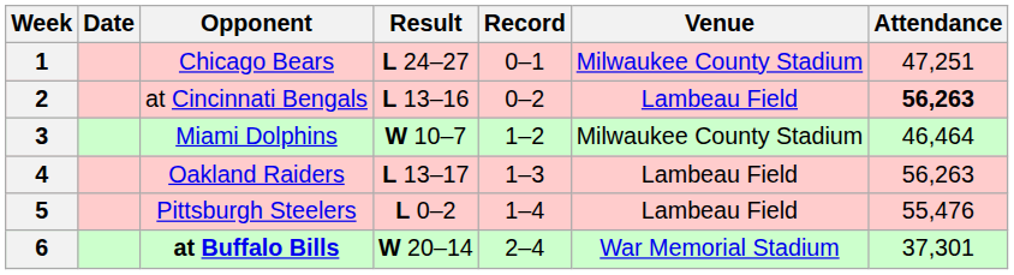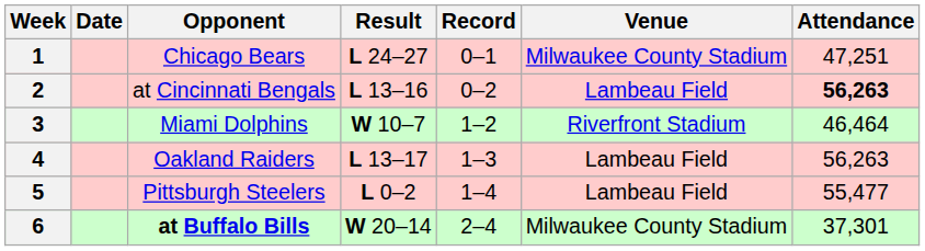 <table class="wikitable" style="text-align:center">
 <tr>
 <th>Week</th>
 <th>Date</th>
 <th>Opponent</th>
 <th>Result</th>
 <th>Record</th>
 <th>Venue</th>
 <th>Attendance</th>
 </tr>
 <tr style="background:#fcc">
 <th>1</th>
 <td></td>
 <td><a href='#'>Chicago Bears</a></td>
 <td><strong>L</strong> 24–27</td>
 <td>0–1</td>
 <td><a href='#'>Milwaukee County Stadium</a></td>
 <td>47,251</td>
 </tr>
 <tr style="background:#fcc">
 <th>2</th>
 <td></td>
 <td>at <a href='#'>Cincinnati Bengals</a></td>
 <td><strong>L</strong> 13–16</td>
 <td>0–2</td>
 <td><a href='#'>Lambeau Field</a></td>
 <td><strong>56,263</strong></td>
 </tr>
 <tr style="background:#cfc">
 <th>3</th>
 <td></td>
 <td><a href='#'>Miami Dolphins</a></td>
 <td><strong>W</strong> 10–7</td>
 <td>1–2</td>
-<td>Milwaukee County Stadium</td>
+<td><a href='#'>Riverfront Stadium</a></td>
 <td>46,464</td>
 </tr>
 <tr style="background:#fcc">
 <th>4</th>
 <td></td>
 <td><a href='#'>Oakland Raiders</a></td>
 <td><strong>L</strong> 13–17</td>
 <td>1–3</td>
 <td>Lambeau Field</td>
 <td>56,263</td>
 </tr>
 <tr style="background:#fcc">
 <th>5</th>
 <td></td>
 <td><a href='#'>Pittsburgh Steelers</a></td>
 <td><strong>L</strong> 0–2</td>
 <td>1–4</td>
 <td>Lambeau Field</td>
-<td>55,476</td>
+<td>55,477</td>
 </tr>
 <tr style="background:#cfc">
 <th>6</th>
 <td></td>
 <td><strong>at <a href='#'>Buffalo Bills</a></strong></td>
 <td><strong>W</strong> 20–14</td>
 <td>2–4</td>
-<td><a href='#'>War Memorial Stadium</a></td>
+<td>Milwaukee County Stadium</td>
 <td>37,301</td>
 </tr>
 </table>
